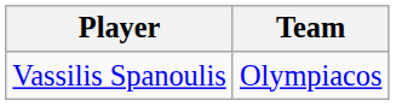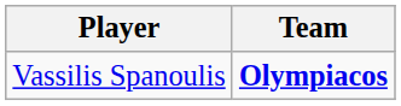 <table class="wikitable">
 <tr>
 <th>Player</th>
 <th>Team</th>
 </tr>
 <tr>
 <td> <a href='#'>Vassilis Spanoulis</a></td>
-<td><a href='#'>Olympiacos</a></td>
+<td><strong><a href='#'>Olympiacos</a></strong></td>
 </tr>
 </table>
